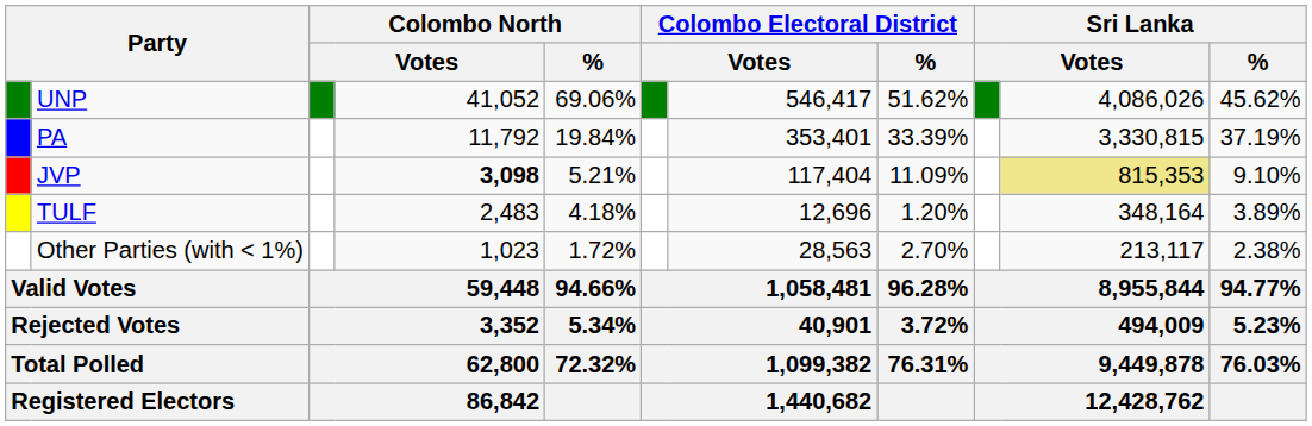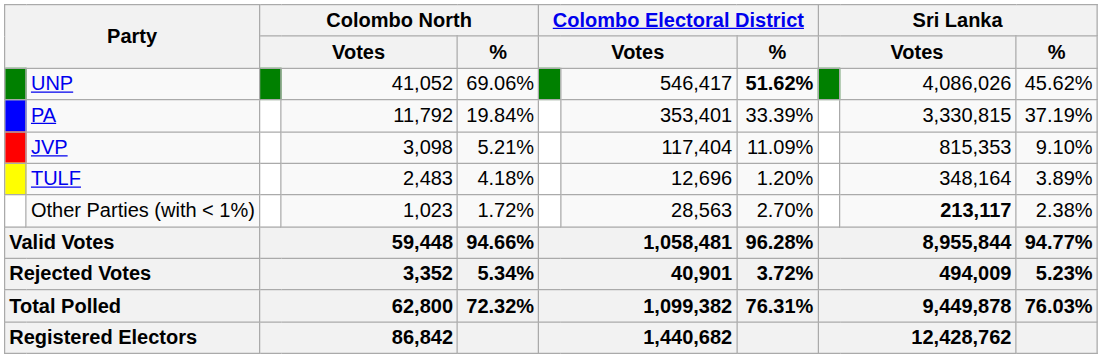 <table class="wikitable">
 <tr>
 <th colspan="2" width="144px"rowspan="2">Party</th>
 <th colspan="3" width="216px">Colombo North</th>
 <th colspan="3" width="216px"><a href='#'>Colombo Electoral District</a></th>
 <th colspan="3" width="216px">Sri Lanka</th>
 </tr>
 <tr>
 <th colspan="2" width="144px">Votes</th>
 <th>%</th>
 <th colspan="2" width="144px">Votes</th>
 <th>%</th>
 <th colspan="2" width="144px">Votes</th>
 <th>%</th>
 </tr>
 <tr>
 <td style="background-color:green;" width="10px"></td>
 <td style="text-align:left;"><a href='#'>UNP</a></td>
 <td style="background-color:green;" width="10px"></td>
 <td style="text-align:right;">41,052</td>
 <td style="text-align:right;">69.06%</td>
 <td style="background-color:green;" width="10px"></td>
 <td style="text-align:right;">546,417</td>
-<td style="text-align:right;">51.62%</td>
+<td style="text-align:right;"><strong>51.62%</strong></td>
 <td style="background-color:green;" width="10px"></td>
 <td style="text-align:right;">4,086,026</td>
 <td style="text-align:right;">45.62%</td>
 </tr>
 <tr>
 <td style="background-color:blue;" width="10px"></td>
 <td style="text-align:left;"><a href='#'>PA</a></td>
 <td style="background-color:white;" width="10px"></td>
 <td style="text-align:right;">11,792</td>
 <td style="text-align:right;">19.84%</td>
 <td style="background-color:white;" width="10px"></td>
 <td style="text-align:right;">353,401</td>
 <td style="text-align:right;">33.39%</td>
 <td style="background-color:white;" width="10px"></td>
 <td style="text-align:right;">3,330,815</td>
 <td style="text-align:right;">37.19%</td>
 </tr>
 <tr>
 <td style="background-color:red;" width="10px"></td>
 <td style="text-align:left;"><a href='#'>JVP</a></td>
 <td style="background-color:white;" width="10px"></td>
-<td style="text-align:right;"><strong>3,098</strong></td>
+<td style="text-align:right;">3,098</td>
 <td style="text-align:right;">5.21%</td>
 <td style="background-color:white;" width="10px"></td>
 <td style="text-align:right;">117,404</td>
 <td style="text-align:right;">11.09%</td>
 <td style="background-color:white;" width="10px"></td>
-<td style="background: khaki; text-align:right;">815,353</td>
+<td style="text-align:right;">815,353</td>
 <td style="text-align:right;">9.10%</td>
 </tr>
 <tr>
 <td style="background-color:yellow;" width="10px"></td>
 <td style="text-align:left;"><a href='#'>TULF</a></td>
 <td style="background-color:white;" width="10px"></td>
 <td style="text-align:right;">2,483</td>
 <td style="text-align:right;">4.18%</td>
 <td style="background-color:white;" width="10px"></td>
 <td style="text-align:right;">12,696</td>
 <td style="text-align:right;">1.20%</td>
 <td style="background-color:white;" width="10px"></td>
 <td style="text-align:right;">348,164</td>
 <td style="text-align:right;">3.89%</td>
 </tr>
 <tr>
 <td style="background-color:white;" width="10px"></td>
 <td style="text-align:left;">Other Parties (with < 1%)</td>
 <td style="background-color:white;" width="10px"></td>
 <td style="text-align:right;">1,023</td>
 <td style="text-align:right;">1.72%</td>
 <td style="background-color:white;" width="10px"></td>
 <td style="text-align:right;">28,563</td>
 <td style="text-align:right;">2.70%</td>
 <td style="background-color:white;" width="10px"></td>
-<td style="text-align:right;">213,117</td>
+<td style="text-align:right;"><strong>213,117</strong></td>
 <td style="text-align:right;">2.38%</td>
 </tr>
 <tr>
 <th colspan="2" width="144px"style="text-align:left;">Valid Votes</th>
 <th style="text-align:right;"colspan="2" width="144px">59,448</th>
 <th style="text-align:right;">94.66%</th>
 <th style="text-align:right;"colspan="2" width="144px">1,058,481</th>
 <th style="text-align:right;">96.28%</th>
 <th style="text-align:right;"colspan="2" width="144px">8,955,844</th>
 <th style="text-align:right;">94.77%</th>
 </tr>
 <tr>
 <th colspan="2" width="144px"style="text-align:left;">Rejected Votes</th>
 <th style="text-align:right;"colspan="2" width="144px">3,352</th>
 <th style="text-align:right;">5.34%</th>
 <th style="text-align:right;"colspan="2" width="144px">40,901</th>
 <th style="text-align:right;">3.72%</th>
 <th style="text-align:right;"colspan="2" width="144px">494,009</th>
 <th style="text-align:right;">5.23%</th>
 </tr>
 <tr>
 <th colspan="2" width="144px"style="text-align:left;">Total Polled</th>
 <th style="text-align:right;"colspan="2" width="144px">62,800</th>
 <th style="text-align:right;">72.32%</th>
 <th style="text-align:right;"colspan="2" width="144px">1,099,382</th>
 <th style="text-align:right;">76.31%</th>
 <th style="text-align:right;"colspan="2" width="144px">9,449,878</th>
 <th style="text-align:right;">76.03%</th>
 </tr>
 <tr>
 <th colspan="2" width="144px"style="text-align:left;">Registered Electors</th>
 <th style="text-align:right;"colspan="2" width="144px">86,842</th>
 <th></th>
 <th style="text-align:right;"colspan="2" width="144px">1,440,682</th>
 <th></th>
 <th style="text-align:right;"colspan="2" width="144px">12,428,762</th>
 <th></th>
 </tr>
 </table>
